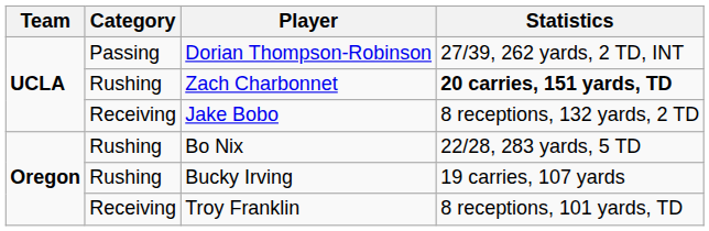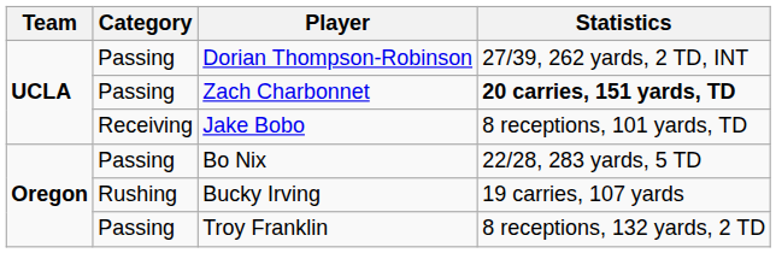 <table class="wikitable" style="float: right;">
 <tr>
 <th>Team</th>
 <th>Category</th>
 <th>Player</th>
 <th>Statistics</th>
 </tr>
 <tr>
 <td rowspan=3><strong>UCLA</strong></td>
 <td>Passing</td>
 <td><a href='#'>Dorian Thompson-Robinson</a></td>
 <td>27/39, 262 yards, 2 TD, INT</td>
 </tr>
 <tr>
-<td>Rushing</td>
+<td>Passing</td>
 <td><a href='#'>Zach Charbonnet</a></td>
 <td><strong>20 carries, 151 yards, TD</strong></td>
 </tr>
 <tr>
 <td>Receiving</td>
 <td><a href='#'>Jake Bobo</a></td>
-<td>8 receptions, 132 yards, 2 TD</td>
+<td>8 receptions, 101 yards, TD</td>
 </tr>
 <tr>
 <td rowspan=3><strong>Oregon</strong></td>
-<td>Rushing</td>
+<td>Passing</td>
 <td>Bo Nix</td>
 <td>22/28, 283 yards, 5 TD</td>
 </tr>
 <tr>
 <td>Rushing</td>
 <td>Bucky Irving</td>
 <td>19 carries, 107 yards</td>
 </tr>
 <tr>
-<td>Receiving</td>
+<td>Passing</td>
 <td>Troy Franklin</td>
-<td>8 receptions, 101 yards, TD</td>
+<td>8 receptions, 132 yards, 2 TD</td>
 </tr>
 </table>
